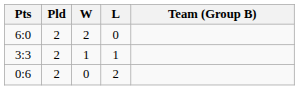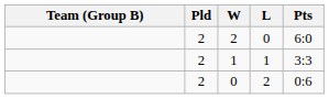 <table class="wikitable" style="text-align:center">
 <tr>
-<th width=40>Pts</th>
+<th width=200>Team (Group B)</th>
 <th width=30>Pld</th>
 <th width=30>W</th>
 <th width=30>L</th>
-<th width=200>Team (Group B)</th>
+<th width=40>Pts</th>
 </tr>
 <tr>
-<td>6:0</td>
+<td style="text-align:left;"></td>
 <td>2</td>
 <td>2</td>
 <td>0</td>
-<td style="text-align:left;"></td>
+<td>6:0</td>
 </tr>
 <tr>
-<td>3:3</td>
+<td style="text-align:left;"></td>
 <td>2</td>
 <td>1</td>
 <td>1</td>
-<td style="text-align:left;"></td>
+<td>3:3</td>
 </tr>
 <tr>
-<td>0:6</td>
+<td style="text-align:left;"></td>
 <td>2</td>
 <td>0</td>
 <td>2</td>
-<td style="text-align:left;"></td>
+<td>0:6</td>
 </tr>
 </table>
